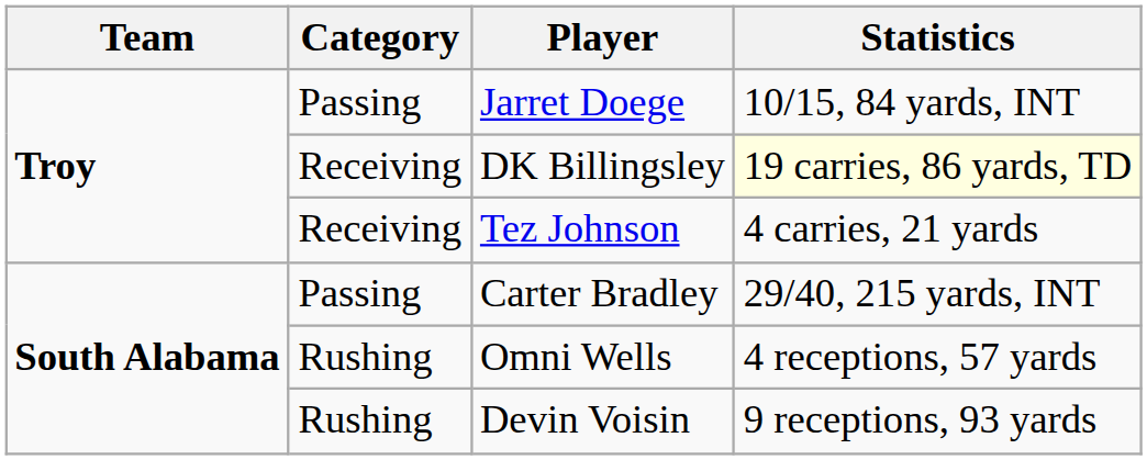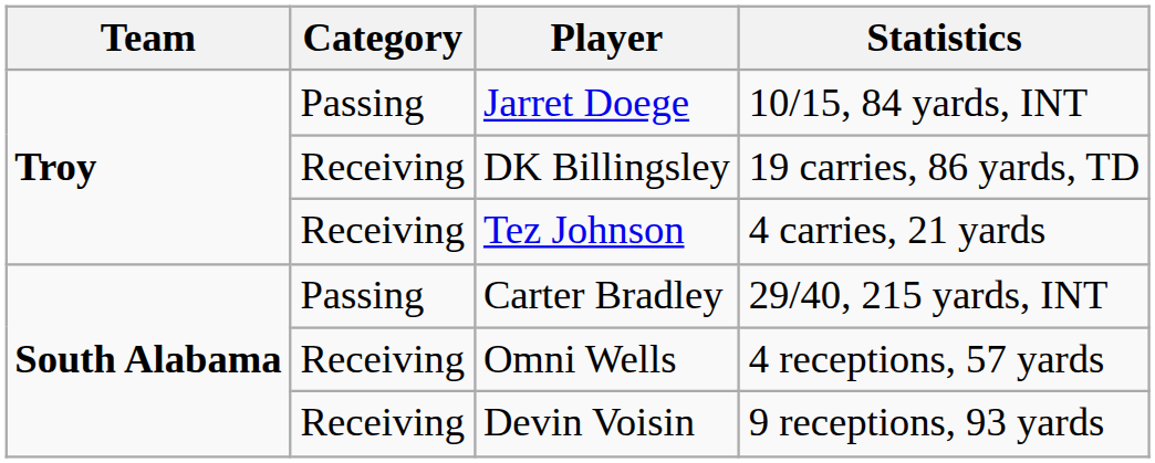 <table class="wikitable" style="float: right;">
 <tr>
 <th>Team</th>
 <th>Category</th>
 <th>Player</th>
 <th>Statistics</th>
 </tr>
 <tr>
 <td rowspan=3><strong>Troy</strong></td>
 <td>Passing</td>
 <td><a href='#'>Jarret Doege</a></td>
 <td>10/15, 84 yards, INT</td>
 </tr>
 <tr>
 <td>Receiving</td>
 <td>DK Billingsley</td>
-<td style="background: lightyellow;">19 carries, 86 yards, TD</td>
+<td>19 carries, 86 yards, TD</td>
 </tr>
 <tr>
 <td>Receiving</td>
 <td><a href='#'>Tez Johnson</a></td>
 <td>4 carries, 21 yards</td>
 </tr>
 <tr>
 <td rowspan=3><strong>South Alabama</strong></td>
 <td>Passing</td>
 <td>Carter Bradley</td>
 <td>29/40, 215 yards, INT</td>
 </tr>
 <tr>
-<td>Rushing</td>
+<td>Receiving</td>
 <td>Omni Wells</td>
 <td>4 receptions, 57 yards</td>
 </tr>
 <tr>
-<td>Rushing</td>
+<td>Receiving</td>
 <td>Devin Voisin</td>
 <td>9 receptions, 93 yards</td>
 </tr>
 </table>
